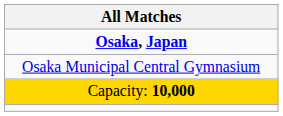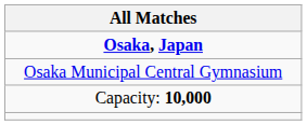 <table class="wikitable" style="text-align:center" width=280>
 <tr>
 <th>All Matches</th>
 </tr>
 <tr>
 <td><strong><a href='#'>Osaka</a>, <a href='#'>Japan</a></strong></td>
 </tr>
 <tr>
 <td><a href='#'>Osaka Municipal Central Gymnasium</a></td>
 </tr>
 <tr>
-<td style="background: gold;">Capacity: <strong>10,000</strong></td>
+<td>Capacity: <strong>10,000</strong></td>
 </tr>
 <tr>
 <td></td>
 </tr>
 </table>
